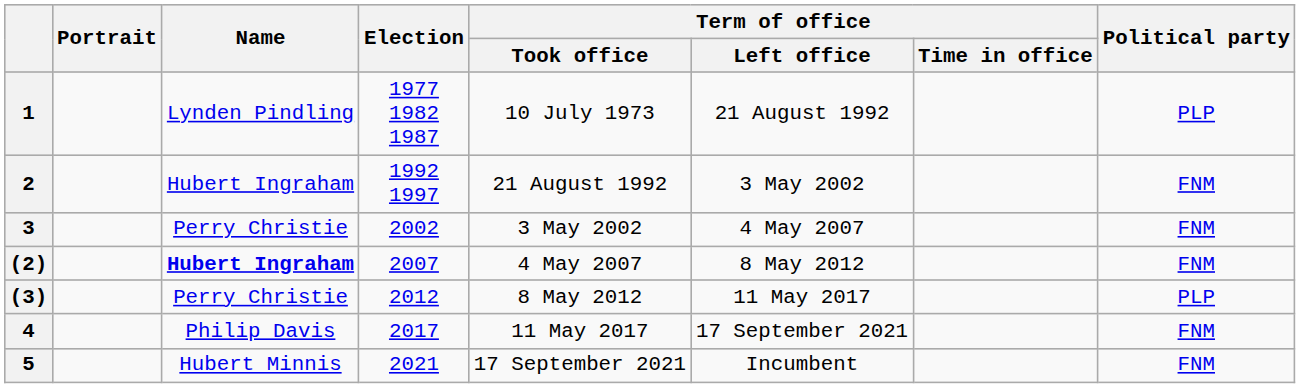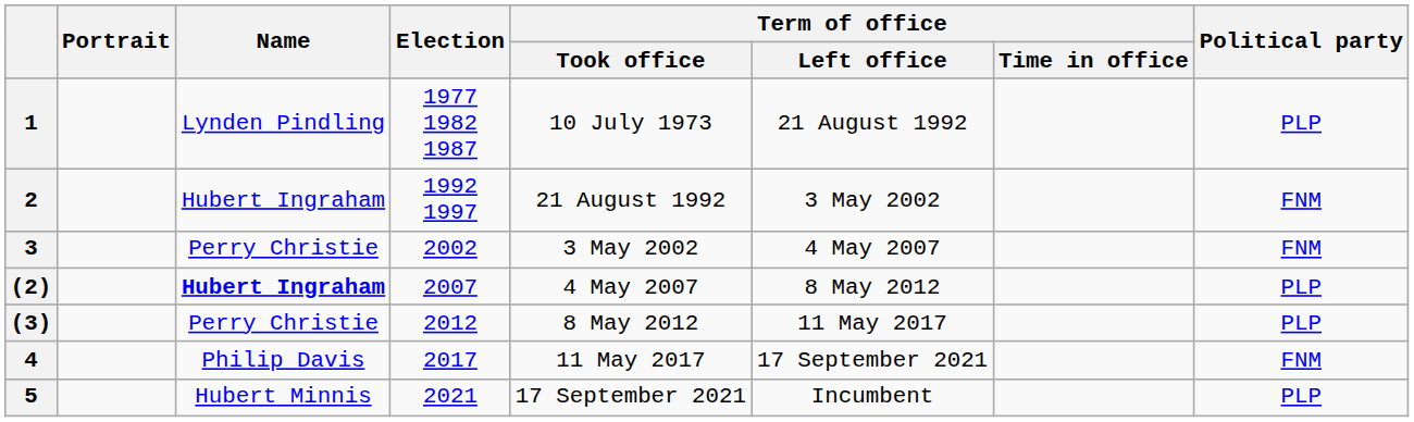 <table class=wikitable style=text-align:center>
 <tr>
 <th rowspan=2></th>
 <th rowspan=2>Portrait</th>
 <th rowspan=2>Name<br></th>
 <th rowspan=2>Election</th>
 <th colspan=3>Term of office</th>
 <th rowspan=2>Political party</th>
 </tr>
 <tr>
 <th>Took office</th>
 <th>Left office</th>
 <th>Time in office</th>
 </tr>
 <tr>
 <th style="background:">1</th>
 <td></td>
 <td><a href='#'>Lynden Pindling</a><br></td>
 <td><a href='#'>1977</a><br><a href='#'>1982</a><br><a href='#'>1987</a></td>
 <td>10 July 1973</td>
 <td>21 August 1992</td>
 <td></td>
 <td><a href='#'>PLP</a></td>
 </tr>
 <tr>
 <th style="background:">2</th>
 <td></td>
 <td><a href='#'>Hubert Ingraham</a><br></td>
 <td><a href='#'>1992</a><br><a href='#'>1997</a></td>
 <td>21 August 1992</td>
 <td>3 May 2002</td>
 <td></td>
 <td><a href='#'>FNM</a></td>
 </tr>
 <tr>
 <th style="background:">3</th>
 <td></td>
 <td><a href='#'>Perry Christie</a><br></td>
 <td><a href='#'>2002</a></td>
 <td>3 May 2002</td>
 <td>4 May 2007</td>
 <td></td>
 <td><a href='#'>FNM</a></td>
 </tr>
 <tr>
 <th style="background:">(2)</th>
 <td></td>
 <td><strong><a href='#'>Hubert Ingraham</a><br></strong></td>
 <td><a href='#'>2007</a></td>
 <td>4 May 2007</td>
 <td>8 May 2012</td>
 <td></td>
-<td><a href='#'>FNM</a></td>
+<td><a href='#'>PLP</a></td>
 </tr>
 <tr>
 <th style="background:">(3)</th>
 <td></td>
 <td><a href='#'>Perry Christie</a><br></td>
 <td><a href='#'>2012</a></td>
 <td>8 May 2012</td>
 <td>11 May 2017</td>
 <td></td>
 <td><a href='#'>PLP</a></td>
 </tr>
 <tr>
 <th style="background:">4</th>
 <td></td>
 <td><a href='#'>Philip Davis</a><br></td>
 <td><a href='#'>2017</a></td>
 <td>11 May 2017</td>
 <td>17 September 2021</td>
 <td></td>
 <td><a href='#'>FNM</a></td>
 </tr>
 <tr>
 <th style="background:">5</th>
 <td></td>
 <td><a href='#'>Hubert Minnis</a><br></td>
 <td><a href='#'>2021</a></td>
 <td>17 September 2021</td>
 <td>Incumbent</td>
 <td></td>
-<td><a href='#'>FNM</a></td>
+<td><a href='#'>PLP</a></td>
 </tr>
 </table>
